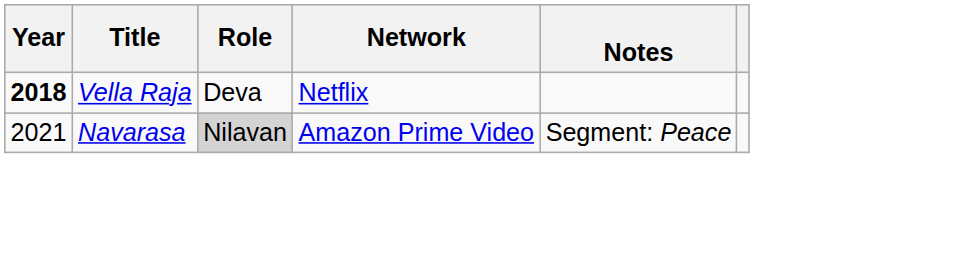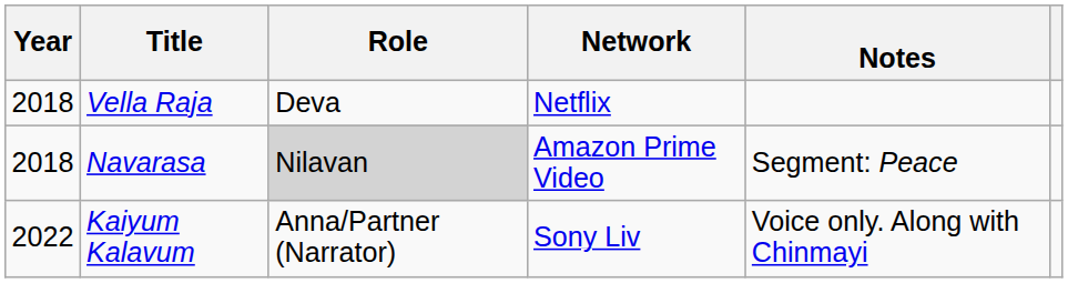 <table class="wikitable plainrowheaders">
 <tr>
 <th>Year</th>
 <th scope="col">Title</th>
 <th scope="col">Role</th>
 <th scope="col">Network</th>
 <th scope="col" class="unsortable"><br>Notes</th>
 <th scope="col" class="unsortable"></th>
 </tr>
 <tr>
-<td><strong>2018</strong></td>
+<td>2018</td>
 <td><em><a href='#'>Vella Raja</a></em></td>
 <td>Deva</td>
 <td><a href='#'>Netflix</a></td>
 <td></td>
 <td></td>
 </tr>
 <tr>
-<td>2021</td>
+<td>2018</td>
 <td><em><a href='#'>Navarasa</a></em></td>
 <td style="background: lightgrey;">Nilavan</td>
 <td><a href='#'>Amazon Prime Video</a></td>
 <td>Segment: <em>Peace</em></td>
 <td></td>
 </tr>
+<tr>
+<td>2022</td>
+<td><em><a href='#'>Kaiyum Kalavum</a></em></td>
+<td>Anna/Partner (Narrator)</td>
+<td><a href='#'>Sony Liv</a></td>
+<td>Voice only. Along with <a href='#'>Chinmayi</a></td>
+<td></td>
+</tr>
 </table>
